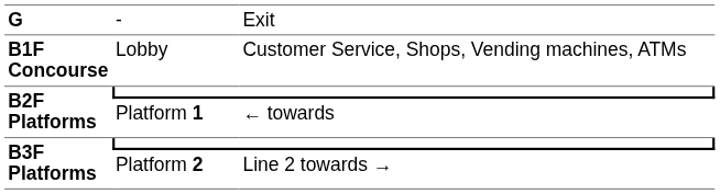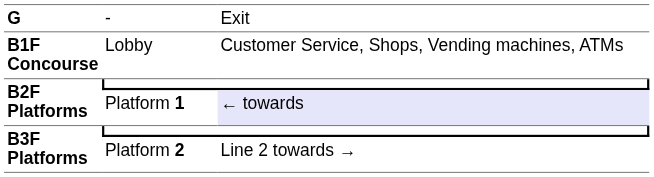 <table table border=0 cellspacing=0 cellpadding=3>
 <tr>
 <td style="border-top:solid 1px gray;" width=50 valign=top><strong>G</strong></td>
 <td style="border-top:solid 1px gray;" width=100 valign=top>-</td>
 <td style="border-top:solid 1px gray;" width=390 valign=top>Exit</td>
 </tr>
 <tr>
 <td style="border-bottom:solid 1px gray; border-top:solid 1px gray;" valign=top width=50><strong>B1F<br>Concourse</strong></td>
 <td style="border-bottom:solid 1px gray; border-top:solid 1px gray;" valign=top width=100>Lobby</td>
 <td style="border-bottom:solid 1px gray; border-top:solid 1px gray;" valign=top width=390>Customer Service, Shops, Vending machines, ATMs</td>
 </tr>
 <tr>
 <td style="border-bottom:solid 1px gray;" rowspan="2" valign=top><strong>B2F<br>Platforms</strong></td>
 <td style="border-right:solid 2px black;border-left:solid 2px black;border-top:solid 0 gray;border-bottom:solid 2px black;text-align:center;" colspan=2></td>
 </tr>
 <tr>
 <td style="border-bottom:solid 1px gray;" valign=top>Platform <strong>1</strong></td>
-<td style="border-bottom:solid 1px gray;" valign=top>←  towards  </td>
+<td style="background: lavender; border-bottom:solid 1px gray;" valign=top>←  towards  </td>
 </tr>
 <tr>
 <td style="border-bottom:solid 1px gray;" rowspan="2" valign=top><strong>B3F<br>Platforms</strong></td>
 <td style="border-right:solid 2px black;border-left:solid 2px black;border-top:solid 0 gray;border-bottom:solid 2px black;text-align:center;" colspan=2></td>
 </tr>
 <tr>
 <td style="border-bottom:solid 1px gray;" valign=top>Platform <strong>2</strong></td>
 <td style="border-bottom:solid 1px gray;" valign=top>  Line 2 towards   →</td>
 </tr>
 </table>
